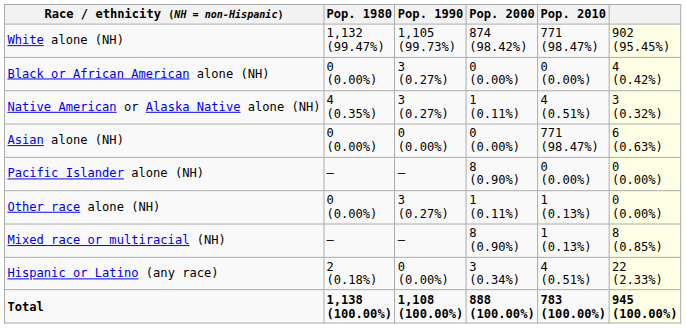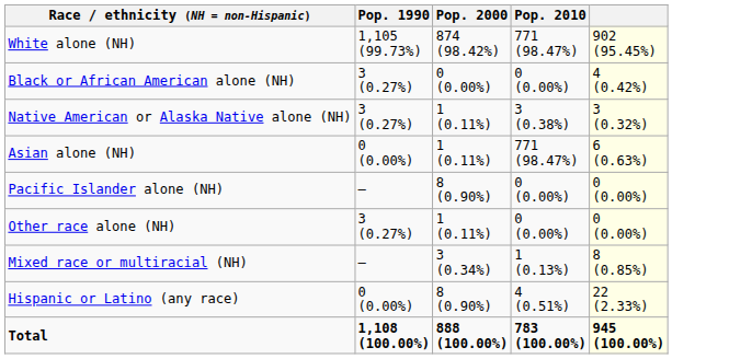 <table class="wikitable sortable collapsible" style="font-size: 95%;">
 <tr>
 <th>Race / ethnicity <small>(<em>NH = non-Hispanic</em>)</small></th>
-<th>Pop. 1980</th>
 <th>Pop. 1990</th>
 <th>Pop. 2000</th>
 <th>Pop. 2010</th>
 <th></th>
 </tr>
 <tr>
 <td><a href='#'>White</a> alone (NH)</td>
-<td>1,132<br>(99.47%)</td>
 <td>1,105<br>(99.73%)</td>
 <td>874<br>(98.42%)</td>
 <td>771<br>(98.47%)</td>
 <td style='background: #ffffe6;'>902<br>(95.45%)</td>
 </tr>
 <tr>
 <td><a href='#'>Black or African American</a> alone (NH)</td>
-<td>0<br>(0.00%)</td>
 <td>3<br>(0.27%)</td>
 <td>0<br>(0.00%)</td>
 <td>0<br>(0.00%)</td>
 <td style='background: #ffffe6;'>4<br>(0.42%)</td>
 </tr>
 <tr>
 <td><a href='#'>Native American</a> or <a href='#'>Alaska Native</a> alone (NH)</td>
-<td>4<br>(0.35%)</td>
 <td>3<br>(0.27%)</td>
 <td>1<br>(0.11%)</td>
-<td>4<br>(0.51%)</td>
+<td>3<br>(0.38%)</td>
 <td style='background: #ffffe6;'>3<br>(0.32%)</td>
 </tr>
 <tr>
 <td><a href='#'>Asian</a> alone (NH)</td>
 <td>0<br>(0.00%)</td>
-<td>0<br>(0.00%)</td>
-<td>0<br>(0.00%)</td>
+<td>1<br>(0.11%)</td>
 <td>771<br>(98.47%)</td>
 <td style='background: #ffffe6;'>6<br>(0.63%)</td>
 </tr>
 <tr>
 <td><a href='#'>Pacific Islander</a> alone (NH)</td>
-<td>—</td>
 <td>—</td>
 <td>8<br>(0.90%)</td>
 <td>0<br>(0.00%)</td>
 <td style='background: #ffffe6;'>0<br>(0.00%)</td>
 </tr>
 <tr>
 <td><a href='#'>Other race</a> alone (NH)</td>
-<td>0<br>(0.00%)</td>
 <td>3<br>(0.27%)</td>
 <td>1<br>(0.11%)</td>
-<td>1<br>(0.13%)</td>
+<td>0<br>(0.00%)</td>
 <td style='background: #ffffe6;'>0<br>(0.00%)</td>
 </tr>
 <tr>
 <td><a href='#'>Mixed race or multiracial</a> (NH)</td>
 <td>—</td>
-<td>—</td>
-<td>8<br>(0.90%)</td>
+<td>3<br>(0.34%)</td>
 <td>1<br>(0.13%)</td>
 <td style='background: #ffffe6;'>8<br>(0.85%)</td>
 </tr>
 <tr>
 <td><a href='#'>Hispanic or Latino</a> (any race)</td>
-<td>2<br>(0.18%)</td>
 <td>0<br>(0.00%)</td>
-<td>3<br>(0.34%)</td>
+<td>8<br>(0.90%)</td>
 <td>4<br>(0.51%)</td>
 <td style='background: #ffffe6;'>22<br>(2.33%)</td>
 </tr>
 <tr>
 <td><strong>Total</strong></td>
-<td><strong>1,138<br>(100.00%)</strong></td>
 <td><strong>1,108<br>(100.00%)</strong></td>
 <td><strong>888<br>(100.00%)</strong></td>
 <td><strong>783<br>(100.00%)</strong></td>
 <td style='background: #ffffe6;'><strong>945<br>(100.00%)</strong></td>
 </tr>
 </table>
